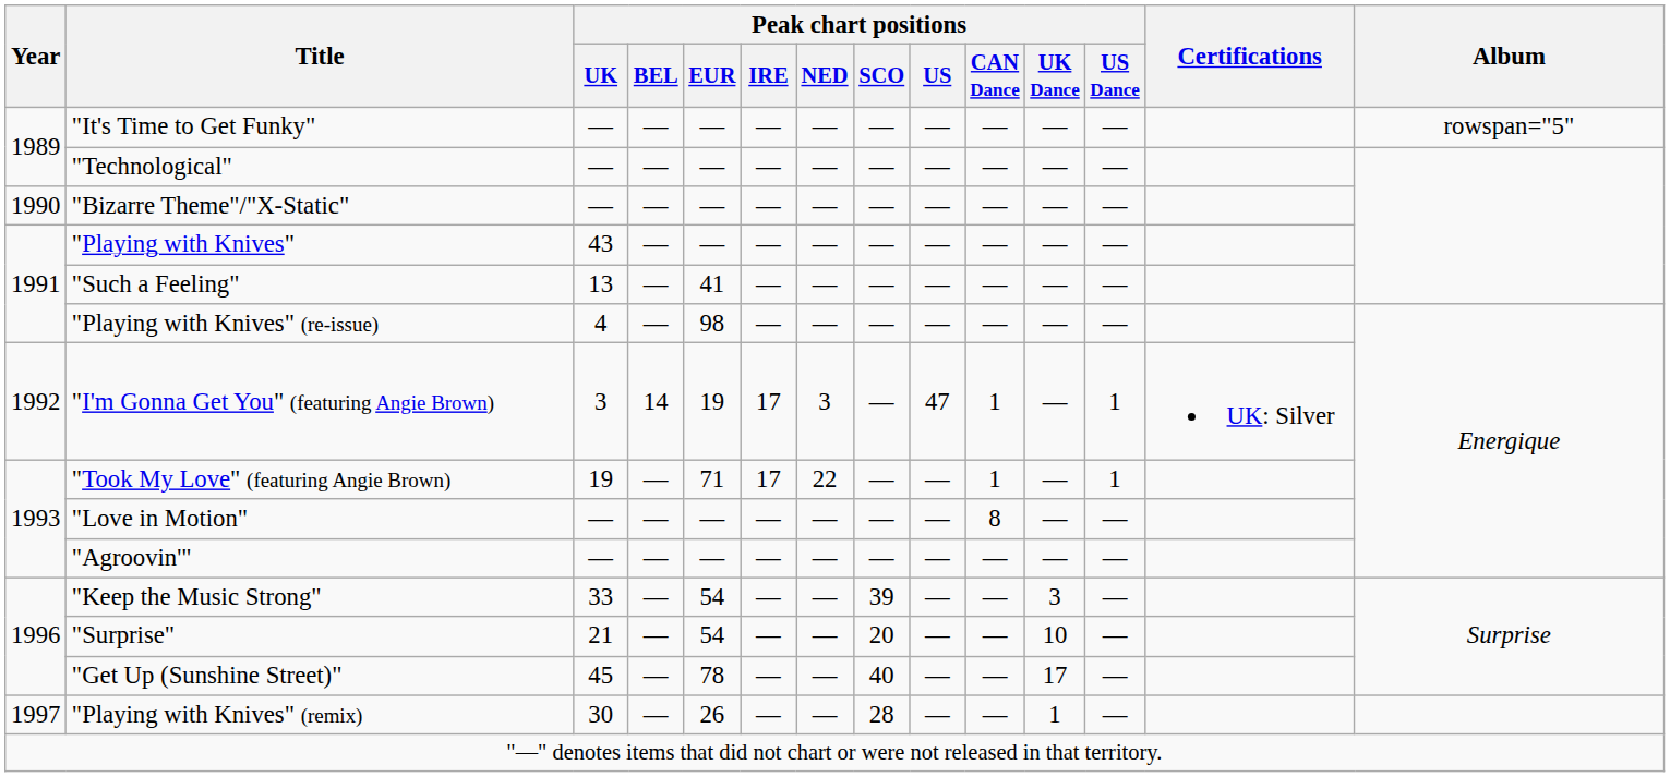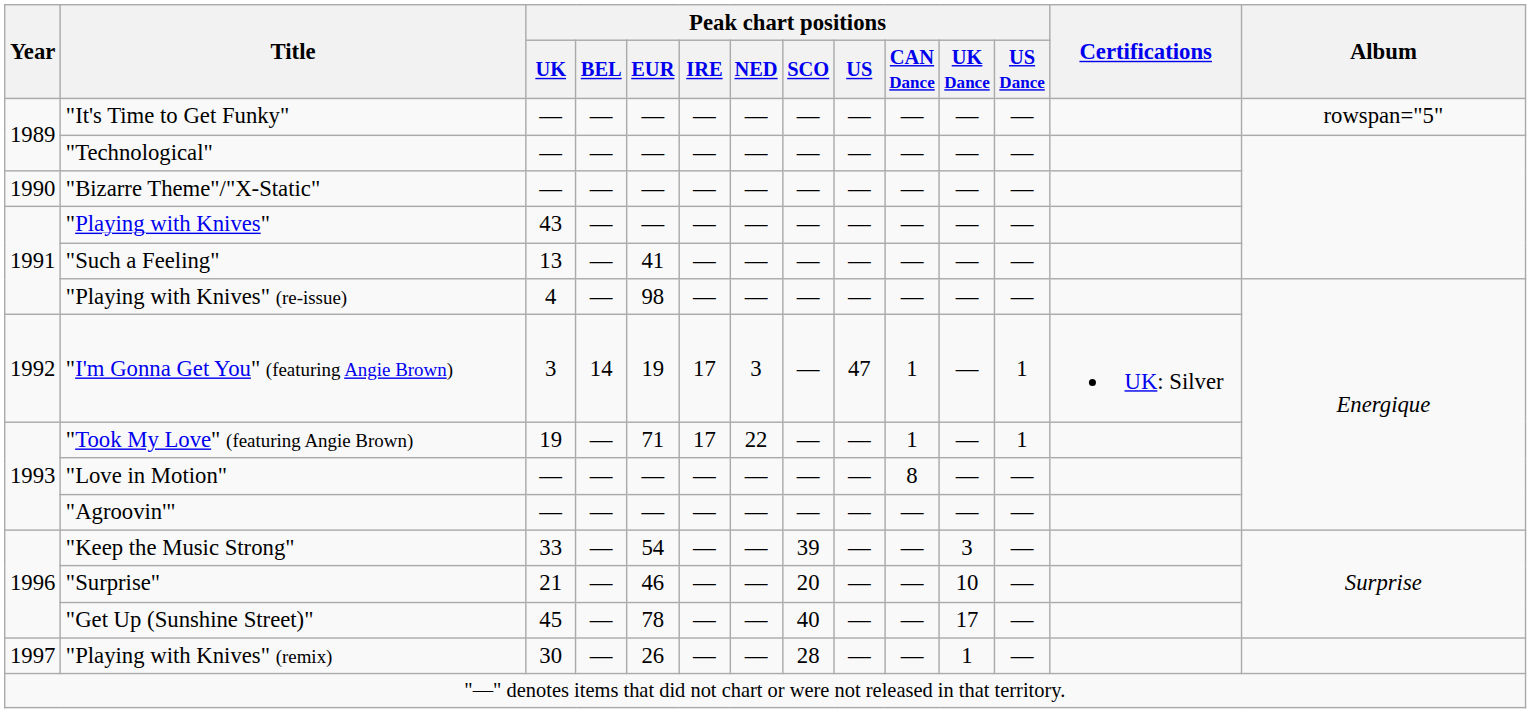 <table class="wikitable" style="text-align:center;">
 <tr>
 <th rowspan="2" style="width:2em;">Year</th>
 <th rowspan="2" style="width:20em;">Title</th>
 <th colspan="10">Peak chart positions</th>
 <th rowspan="2" style="width:8em;"><a href='#'>Certifications</a></th>
 <th rowspan="2" style="width:12em;">Album</th>
 </tr>
 <tr>
 <th style="width:2em;font-size:90%;"><a href='#'>UK</a><br></th>
 <th style="width:2em;font-size:90%;"><a href='#'>BEL</a><br></th>
 <th style="width:2em;font-size:90%;"><a href='#'>EUR</a><br></th>
 <th style="width:2em;font-size:90%;"><a href='#'>IRE</a><br></th>
 <th style="width:2em;font-size:90%;"><a href='#'>NED</a><br></th>
 <th style="width:2em;font-size:90%;"><a href='#'>SCO</a><br></th>
 <th style="width:2em;font-size:90%;"><a href='#'>US</a><br></th>
 <th style="width:2em;font-size:90%;"><a href='#'>CAN<br><small>Dance</small></a><br></th>
 <th style="width:2em;font-size:90%;"><a href='#'>UK<br><small>Dance</small></a><br></th>
 <th style="width:2em;font-size:90%;"><a href='#'>US<br><small>Dance</small></a><br></th>
 </tr>
 <tr>
 <td rowspan="2">1989</td>
 <td style="text-align:left;">"It's Time to Get Funky"</td>
 <td>—</td>
 <td>—</td>
 <td>—</td>
 <td>—</td>
 <td>—</td>
 <td>—</td>
 <td>—</td>
 <td>—</td>
 <td>—</td>
 <td>—</td>
 <td></td>
 <td>rowspan="5" </td>
 </tr>
 <tr>
 <td style="text-align:left;">"Technological"</td>
 <td>—</td>
 <td>—</td>
 <td>—</td>
 <td>—</td>
 <td>—</td>
 <td>—</td>
 <td>—</td>
 <td>—</td>
 <td>—</td>
 <td>—</td>
 <td></td>
 </tr>
 <tr>
 <td>1990</td>
 <td style="text-align:left;">"Bizarre Theme"/"X-Static"</td>
 <td>—</td>
 <td>—</td>
 <td>—</td>
 <td>—</td>
 <td>—</td>
 <td>—</td>
 <td>—</td>
 <td>—</td>
 <td>—</td>
 <td>—</td>
 <td></td>
 </tr>
 <tr>
 <td rowspan="3">1991</td>
 <td style="text-align:left;">"<a href='#'>Playing with Knives</a>"</td>
 <td>43</td>
 <td>—</td>
 <td>—</td>
 <td>—</td>
 <td>—</td>
 <td>—</td>
 <td>—</td>
 <td>—</td>
 <td>—</td>
 <td>—</td>
 <td></td>
 </tr>
 <tr>
 <td style="text-align:left;">"Such a Feeling"</td>
 <td>13</td>
 <td>—</td>
 <td>41</td>
 <td>—</td>
 <td>—</td>
 <td>—</td>
 <td>—</td>
 <td>—</td>
 <td>—</td>
 <td>—</td>
 <td></td>
 </tr>
 <tr>
 <td style="text-align:left;">"Playing with Knives" <small>(re-issue)</small></td>
 <td>4</td>
 <td>—</td>
 <td>98</td>
 <td>—</td>
 <td>—</td>
 <td>—</td>
 <td>—</td>
 <td>—</td>
 <td>—</td>
 <td>—</td>
 <td></td>
 <td rowspan="5"><em>Energique</em></td>
 </tr>
 <tr>
 <td>1992</td>
 <td style="text-align:left;">"<a href='#'>I'm Gonna Get You</a>" <small>(featuring <a href='#'>Angie Brown</a>)</small></td>
 <td>3</td>
 <td>14</td>
 <td>19</td>
 <td>17</td>
 <td>3</td>
 <td>—</td>
 <td>47</td>
 <td>1</td>
 <td>—</td>
 <td>1</td>
 <td><br><ul><li><a href='#'>UK</a>: Silver</li></ul></td>
 </tr>
 <tr>
 <td rowspan="3">1993</td>
 <td style="text-align:left;">"<a href='#'>Took My Love</a>" <small>(featuring Angie Brown)</small></td>
 <td>19</td>
 <td>—</td>
 <td>71</td>
 <td>17</td>
 <td>22</td>
 <td>—</td>
 <td>—</td>
 <td>1</td>
 <td>—</td>
 <td>1</td>
 <td></td>
 </tr>
 <tr>
 <td style="text-align:left;">"Love in Motion"</td>
 <td>—</td>
 <td>—</td>
 <td>—</td>
 <td>—</td>
 <td>—</td>
 <td>—</td>
 <td>—</td>
 <td>8</td>
 <td>—</td>
 <td>—</td>
 <td></td>
 </tr>
 <tr>
 <td style="text-align:left;">"Agroovin'"</td>
 <td>—</td>
 <td>—</td>
 <td>—</td>
 <td>—</td>
 <td>—</td>
 <td>—</td>
 <td>—</td>
 <td>—</td>
 <td>—</td>
 <td>—</td>
 <td></td>
 </tr>
 <tr>
 <td rowspan="3">1996</td>
 <td style="text-align:left;">"Keep the Music Strong"</td>
 <td>33</td>
 <td>—</td>
 <td>54</td>
 <td>—</td>
 <td>—</td>
 <td>39</td>
 <td>—</td>
 <td>—</td>
 <td>3</td>
 <td>—</td>
 <td></td>
 <td rowspan="3"><em>Surprise</em></td>
 </tr>
 <tr>
 <td style="text-align:left;">"Surprise"</td>
 <td>21</td>
 <td>—</td>
-<td>54</td>
+<td>46</td>
 <td>—</td>
 <td>—</td>
 <td>20</td>
 <td>—</td>
 <td>—</td>
 <td>10</td>
 <td>—</td>
 <td></td>
 </tr>
 <tr>
 <td style="text-align:left;">"Get Up (Sunshine Street)"</td>
 <td>45</td>
 <td>—</td>
 <td>78</td>
 <td>—</td>
 <td>—</td>
 <td>40</td>
 <td>—</td>
 <td>—</td>
 <td>17</td>
 <td>—</td>
 <td></td>
 </tr>
 <tr>
 <td>1997</td>
 <td style="text-align:left;">"Playing with Knives" <small>(remix)</small></td>
 <td>30</td>
 <td>—</td>
 <td>26</td>
 <td>—</td>
 <td>—</td>
 <td>28</td>
 <td>—</td>
 <td>—</td>
 <td>1</td>
 <td>—</td>
 <td></td>
 <td></td>
 </tr>
 <tr>
 <td colspan="15" style="font-size:90%">"—" denotes items that did not chart or were not released in that territory.</td>
 </tr>
 </table>
